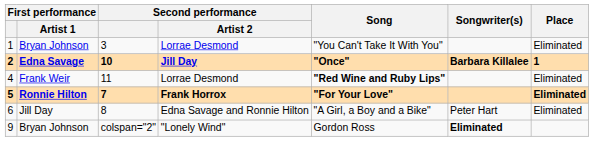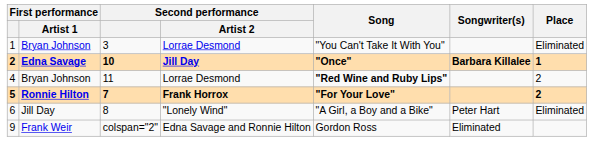 <table class="sortable wikitable" style="margin: 1em auto 1em auto; text-align:left">
 <tr>
 <th colspan="2">First performance</th>
 <th colspan="2">Second performance</th>
 <th rowspan="2">Song</th>
 <th rowspan="2">Songwriter(s)</th>
 <th rowspan="2">Place</th>
 </tr>
 <tr>
 <th></th>
 <th>Artist 1</th>
 <th></th>
 <th>Artist 2</th>
 </tr>
 <tr>
 <td>1</td>
 <td><a href='#'>Bryan Johnson</a></td>
 <td>3</td>
 <td><a href='#'>Lorrae Desmond</a></td>
 <td>"You Can't Take It With You"</td>
 <td></td>
 <td>Eliminated</td>
 </tr>
 <tr style="font-weight:bold; background:navajowhite">
 <td>2</td>
 <td><a href='#'>Edna Savage</a></td>
 <td>10</td>
 <td><a href='#'>Jill Day</a></td>
 <td>"Once"</td>
 <td>Barbara Killalee</td>
 <td>1</td>
 </tr>
 <tr>
 <td>4</td>
-<td><a href='#'>Frank Weir</a></td>
+<td>Bryan Johnson</td>
 <td>11</td>
 <td>Lorrae Desmond</td>
 <td><strong>"Red Wine and Ruby Lips"</strong></td>
 <td></td>
-<td>Eliminated</td>
+<td>2</td>
 </tr>
 <tr style="font-weight:bold; background:navajowhite">
 <td>5</td>
 <td><a href='#'>Ronnie Hilton</a></td>
 <td>7</td>
 <td>Frank Horrox</td>
 <td>"For Your Love"</td>
 <td></td>
-<td>Eliminated</td>
+<td>2</td>
 </tr>
 <tr>
 <td>6</td>
 <td>Jill Day</td>
 <td>8</td>
-<td>Edna Savage and Ronnie Hilton</td>
+<td>"Lonely Wind"</td>
 <td>"A Girl, a Boy and a Bike"</td>
 <td>Peter Hart</td>
 <td>Eliminated</td>
 </tr>
 <tr>
 <td>9</td>
-<td>Bryan Johnson</td>
+<td><a href='#'>Frank Weir</a></td>
 <td>colspan="2" </td>
-<td>"Lonely Wind"</td>
+<td>Edna Savage and Ronnie Hilton</td>
 <td>Gordon Ross</td>
-<td><strong>Eliminated</strong></td>
+<td>Eliminated</td>
 </tr>
 </table>
